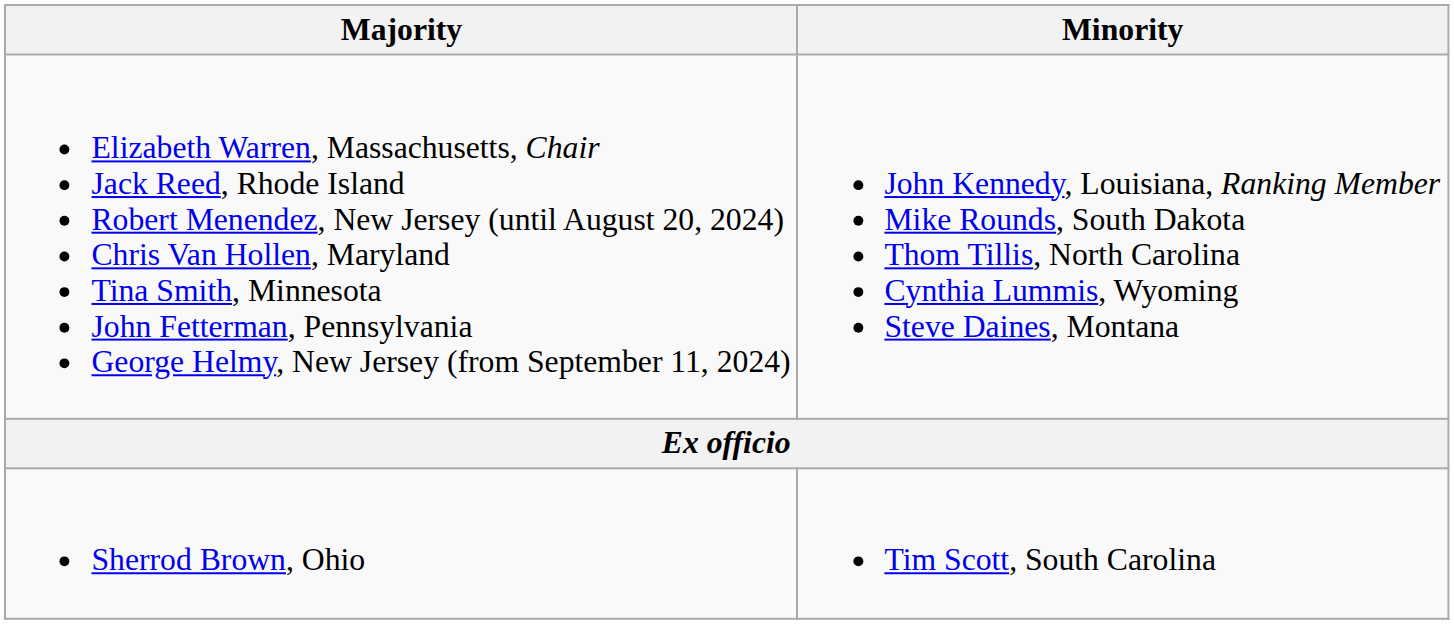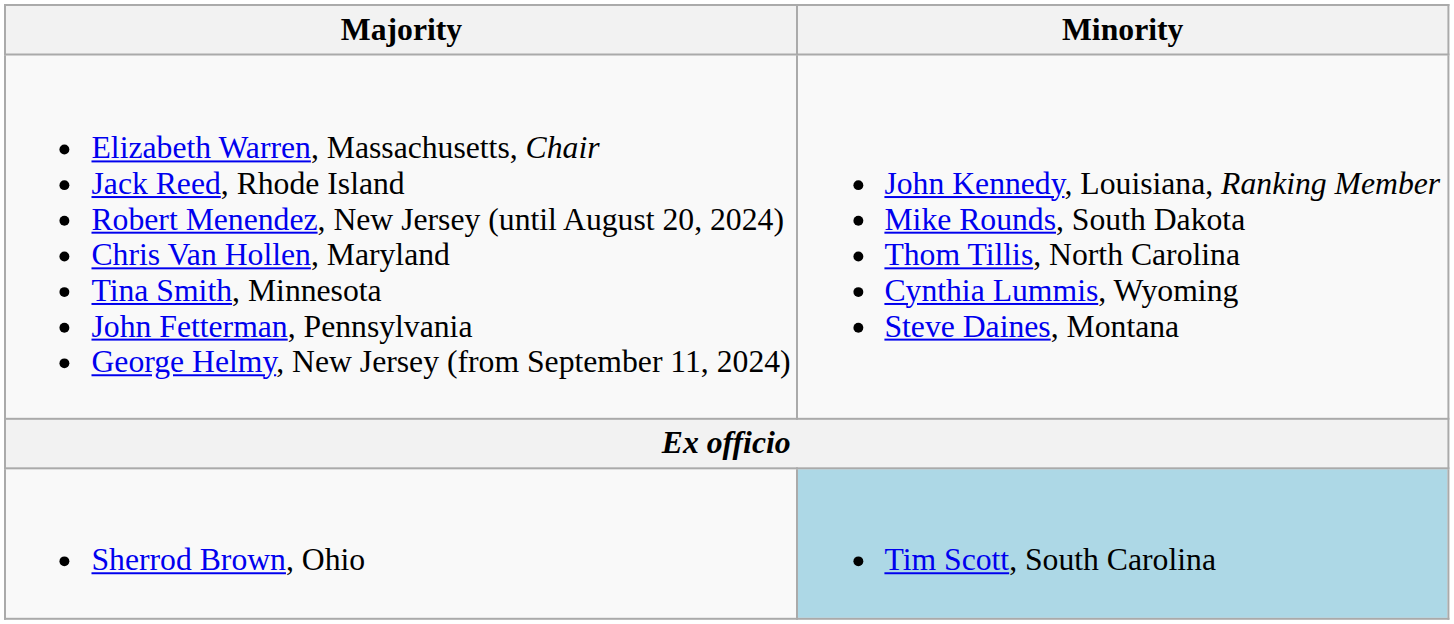 <table class=wikitable>
 <tr>
 <th>Majority</th>
 <th>Minority</th>
 </tr>
 <tr>
 <td><br><ul><li><a href='#'>Elizabeth Warren</a>, Massachusetts, <em>Chair</em></li><li><a href='#'>Jack Reed</a>, Rhode Island</li><li><a href='#'>Robert Menendez</a>, New Jersey (until August 20, 2024)</li><li><a href='#'>Chris Van Hollen</a>, Maryland</li><li><a href='#'>Tina Smith</a>, Minnesota</li><li><a href='#'>John Fetterman</a>, Pennsylvania</li><li><a href='#'>George Helmy</a>, New Jersey (from September 11, 2024)</li></ul></td>
 <td><br><ul><li><a href='#'>John Kennedy</a>, Louisiana, <em>Ranking Member</em></li><li><a href='#'>Mike Rounds</a>, South Dakota</li><li><a href='#'>Thom Tillis</a>, North Carolina</li><li><a href='#'>Cynthia Lummis</a>, Wyoming</li><li><a href='#'>Steve Daines</a>, Montana</li></ul></td>
 </tr>
 <tr>
 <th colspan=2><em>Ex officio</em></th>
 </tr>
 <tr>
 <td><br><ul><li><a href='#'>Sherrod Brown</a>, Ohio</li></ul></td>
-<td><br><ul><li><a href='#'>Tim Scott</a>, South Carolina</li></ul></td>
+<td style="background: lightblue;"><br><ul><li><a href='#'>Tim Scott</a>, South Carolina</li></ul></td>
 </tr>
 </table>
